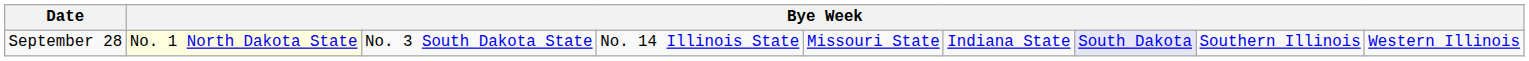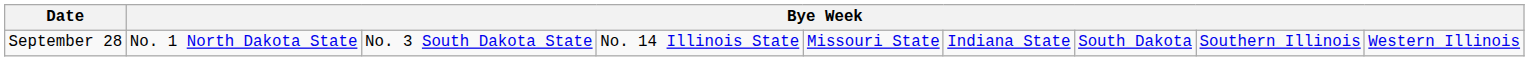 <table class="wikitable" style="font-size:95%;">
 <tr>
 <th>Date</th>
 <th colspan="8">Bye Week</th>
 </tr>
 <tr>
 <td>September 28</td>
-<td style="background: lightyellow;">No. 1 <a href='#'>North Dakota State</a></td>
+<td>No. 1 <a href='#'>North Dakota State</a></td>
 <td>No. 3 <a href='#'>South Dakota State</a></td>
 <td>No. 14 <a href='#'>Illinois State</a></td>
 <td><a href='#'>Missouri State</a></td>
 <td><a href='#'>Indiana State</a></td>
-<td style="background: lavender;"><a href='#'>South Dakota</a></td>
+<td><a href='#'>South Dakota</a></td>
 <td><a href='#'>Southern Illinois</a></td>
 <td><a href='#'>Western Illinois</a></td>
 </tr>
 </table>
